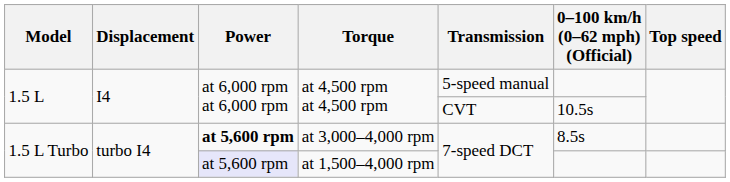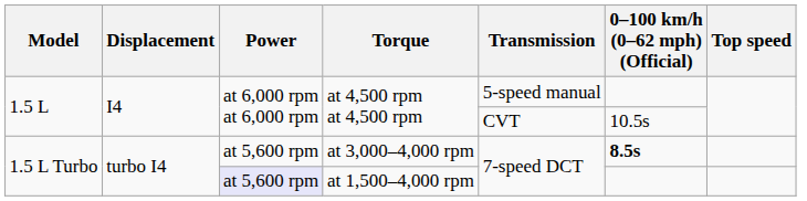 <table class="wikitable">
 <tr>
 <th>Model</th>
 <th>Displacement</th>
 <th>Power</th>
 <th>Torque</th>
 <th>Transmission</th>
 <th>0–100 km/h<br>(0–62 mph)<br>(Official)</th>
 <th>Top speed</th>
 </tr>
 <tr>
 <td rowspan=2>1.5 L</td>
 <td rowspan=2> I4</td>
 <td rowspan=2> at 6,000 rpm<br> at 6,000 rpm</td>
 <td rowspan=2> at 4,500 rpm<br> at 4,500 rpm</td>
 <td>5-speed manual</td>
 <td></td>
 <td rowspan=2></td>
 </tr>
 <tr>
 <td>CVT</td>
 <td>10.5s</td>
 </tr>
 <tr>
 <td rowspan=2>1.5 L Turbo</td>
 <td rowspan=2> turbo I4</td>
-<td><strong> at 5,600 rpm</strong></td>
+<td> at 5,600 rpm</td>
 <td> at 3,000–4,000 rpm</td>
 <td rowspan=2>7-speed DCT</td>
-<td>8.5s</td>
+<td><strong>8.5s</strong></td>
 <td></td>
 </tr>
 <tr>
 <td style="background: lavender;"> at 5,600 rpm</td>
 <td> at 1,500–4,000 rpm</td>
 <td></td>
 <td></td>
 </tr>
 </table>
